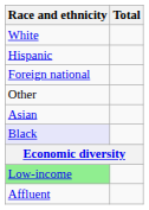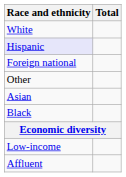 <table class="wikitable floatright sortable collapsible"; text-align:right; font-size:80%;">
 <tr>
 <th>Race and ethnicity</th>
 <th colspan="2" data-sort-type=number>Total</th>
 </tr>
 <tr>
 <td><a href='#'>White</a></td>
 <td align=right></td>
 </tr>
 <tr>
-<td><a href='#'>Hispanic</a></td>
+<td style="background: lavender;"><a href='#'>Hispanic</a></td>
 <td align=right></td>
 </tr>
 <tr>
 <td><a href='#'>Foreign national</a></td>
 <td align=right></td>
 </tr>
 <tr>
 <td>Other</td>
 <td align=right></td>
 </tr>
 <tr>
 <td><a href='#'>Asian</a></td>
 <td align=right></td>
 </tr>
 <tr>
-<td style="background: lavender;"><a href='#'>Black</a></td>
+<td><a href='#'>Black</a></td>
 <td align=right></td>
 </tr>
 <tr>
 <th colspan="4" data-sort-type=number><a href='#'>Economic diversity</a></th>
 </tr>
 <tr>
-<td style="background: lightgreen;"><a href='#'>Low-income</a></td>
+<td><a href='#'>Low-income</a></td>
 <td align=right></td>
 </tr>
 <tr>
 <td><a href='#'>Affluent</a></td>
 <td align=right></td>
 </tr>
 </table>
